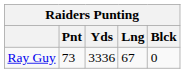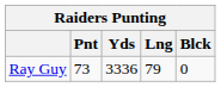 <table class="wikitable">
 <tr>
 <th colspan="5">Raiders Punting</th>
 </tr>
 <tr>
 <th></th>
 <th>Pnt</th>
 <th>Yds</th>
 <th>Lng</th>
 <th>Blck</th>
 </tr>
 <tr>
 <td><a href='#'>Ray Guy</a></td>
 <td>73</td>
 <td>3336</td>
-<td>67</td>
+<td>79</td>
 <td>0</td>
 </tr>
 </table>
